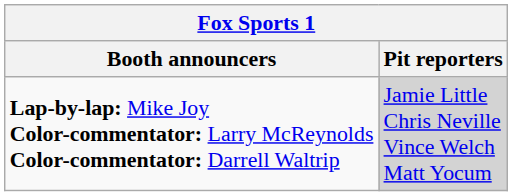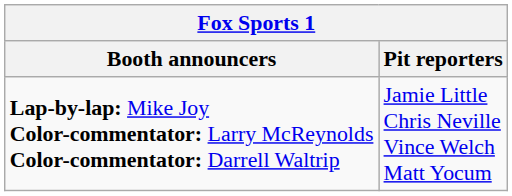 <table class="wikitable" style="font-size: 95%;">
 <tr>
 <th colspan="2"><a href='#'>Fox Sports 1</a></th>
 </tr>
 <tr>
 <th>Booth announcers</th>
 <th>Pit reporters</th>
 </tr>
 <tr>
 <td><strong>Lap-by-lap:</strong> <a href='#'>Mike Joy</a><br><strong>Color-commentator:</strong> <a href='#'>Larry McReynolds</a><br><strong>Color-commentator:</strong> <a href='#'>Darrell Waltrip</a></td>
-<td style="background: lightgrey;"><a href='#'>Jamie Little</a><br><a href='#'>Chris Neville</a><br><a href='#'>Vince Welch</a><br><a href='#'>Matt Yocum</a></td>
+<td><a href='#'>Jamie Little</a><br><a href='#'>Chris Neville</a><br><a href='#'>Vince Welch</a><br><a href='#'>Matt Yocum</a></td>
 </tr>
 </table>
